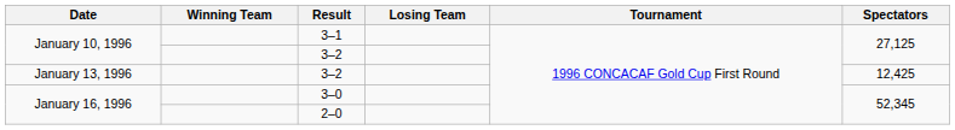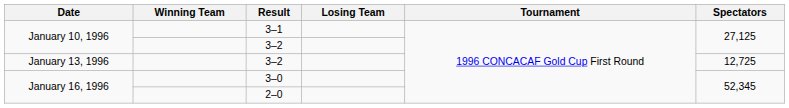 <table class="wikitable" style="text-align:left; width:95%;" style="text-align:center">
 <tr>
 <th style="text-align:center; ">Date</th>
 <th style="text-align:center; ">Winning Team</th>
 <th style="text-align:center; ">Result</th>
 <th style="text-align:center; ">Losing Team</th>
 <th style="text-align:center; ">Tournament</th>
 <th style="text-align:center; ">Spectators</th>
 </tr>
 <tr>
 <td style="text-align:center;" rowspan=2>January 10, 1996</td>
 <td><strong></strong></td>
 <td style="text-align:center;">3–1</td>
 <td></td>
 <td style="text-align:center;" rowspan=5><a href='#'>1996 CONCACAF Gold Cup</a> First Round</td>
 <td style="text-align:center;" rowspan=2>27,125</td>
 </tr>
 <tr>
 <td><strong></strong></td>
 <td style="text-align:center;">3–2</td>
 <td></td>
 </tr>
 <tr>
 <td style="text-align:center;">January 13, 1996</td>
 <td><strong></strong></td>
 <td style="text-align:center;">3–2</td>
 <td></td>
-<td style="text-align:center;">12,425</td>
+<td style="text-align:center;">12,725</td>
 </tr>
 <tr>
 <td style="text-align:center;" rowspan=2>January 16, 1996</td>
 <td><strong></strong></td>
 <td style="text-align:center;">3–0</td>
 <td></td>
 <td style="text-align:center;" rowspan=2>52,345</td>
 </tr>
 <tr>
 <td><strong></strong></td>
 <td style="text-align:center;">2–0</td>
 <td></td>
 </tr>
 </table>
